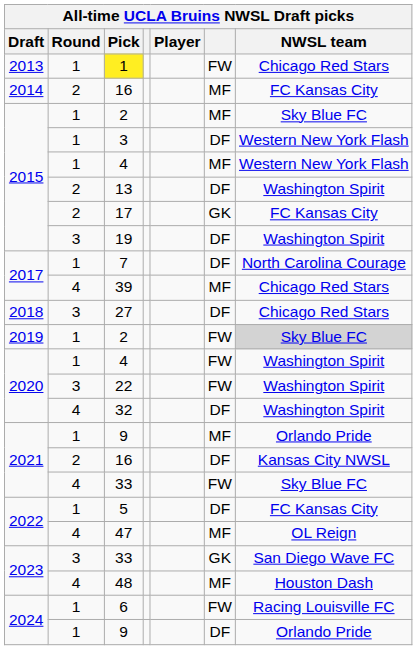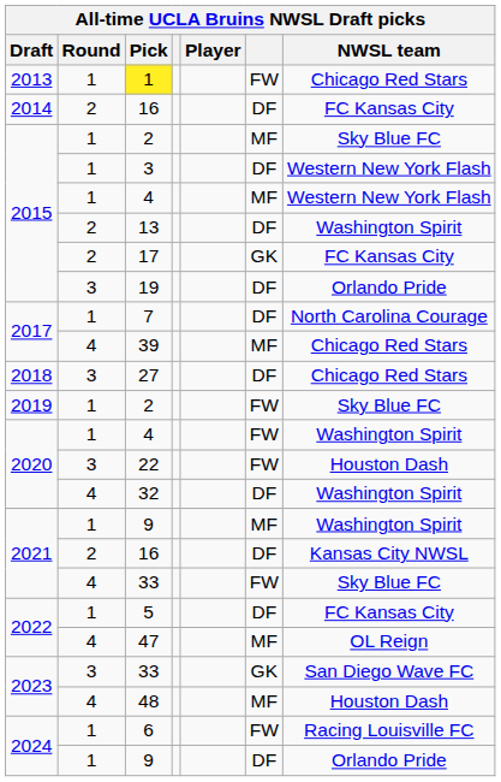 <table class="wikitable sortable" style="text-align: center;">
 <tr>
 <th colspan="7" style="background:#">All-time <a href='#'><span>UCLA Bruins</span></a> NWSL Draft picks</th>
 </tr>
 <tr>
 <th scope="col">Draft</th>
 <th scope="col">Round</th>
 <th scope="col">Pick</th>
 <th scope="col"></th>
 <th scope="col">Player</th>
 <th scope="col"></th>
 <th scope="col">NWSL team</th>
 </tr>
 <tr>
 <td><a href='#'>2013</a></td>
 <td>1</td>
 <td style="background-color:#FE2">1</td>
 <td></td>
 <td></td>
 <td>FW</td>
 <td><a href='#'>Chicago Red Stars</a></td>
 </tr>
 <tr>
 <td><a href='#'>2014</a></td>
 <td>2</td>
 <td>16</td>
 <td></td>
 <td></td>
-<td>MF</td>
+<td>DF</td>
 <td><a href='#'>FC Kansas City</a></td>
 </tr>
 <tr>
 <td rowspan="6"><a href='#'>2015</a></td>
 <td>1</td>
 <td>2</td>
 <td></td>
 <td></td>
 <td>MF</td>
 <td><a href='#'>Sky Blue FC</a></td>
 </tr>
 <tr>
 <td>1</td>
 <td>3</td>
 <td></td>
 <td></td>
 <td>DF</td>
 <td><a href='#'>Western New York Flash</a></td>
 </tr>
 <tr>
 <td>1</td>
 <td>4</td>
 <td></td>
 <td></td>
 <td>MF</td>
 <td><a href='#'>Western New York Flash</a></td>
 </tr>
 <tr>
 <td>2</td>
 <td>13</td>
 <td></td>
 <td></td>
 <td>DF</td>
 <td><a href='#'>Washington Spirit</a></td>
 </tr>
 <tr>
 <td>2</td>
 <td>17</td>
 <td></td>
 <td></td>
 <td>GK</td>
 <td><a href='#'>FC Kansas City</a></td>
 </tr>
 <tr>
 <td>3</td>
 <td>19</td>
 <td></td>
 <td></td>
 <td>DF</td>
-<td><a href='#'>Washington Spirit</a></td>
+<td><a href='#'>Orlando Pride</a></td>
 </tr>
 <tr>
 <td rowspan="2"><a href='#'>2017</a></td>
 <td>1</td>
 <td>7</td>
 <td></td>
 <td></td>
 <td>DF</td>
 <td><a href='#'>North Carolina Courage</a></td>
 </tr>
 <tr>
 <td>4</td>
 <td>39</td>
 <td></td>
 <td></td>
 <td>MF</td>
 <td><a href='#'>Chicago Red Stars</a></td>
 </tr>
 <tr>
 <td><a href='#'>2018</a></td>
 <td>3</td>
 <td>27</td>
 <td></td>
 <td></td>
 <td>DF</td>
 <td><a href='#'>Chicago Red Stars</a></td>
 </tr>
 <tr>
 <td><a href='#'>2019</a></td>
 <td>1</td>
 <td>2</td>
 <td></td>
 <td></td>
 <td>FW</td>
-<td style="background: lightgrey;"><a href='#'>Sky Blue FC</a></td>
+<td><a href='#'>Sky Blue FC</a></td>
 </tr>
 <tr>
 <td rowspan="3"><a href='#'>2020</a></td>
 <td>1</td>
 <td>4</td>
 <td></td>
 <td></td>
 <td>FW</td>
 <td><a href='#'>Washington Spirit</a></td>
 </tr>
 <tr>
 <td>3</td>
 <td>22</td>
 <td></td>
 <td></td>
 <td>FW</td>
-<td><a href='#'>Washington Spirit</a></td>
+<td><a href='#'>Houston Dash</a></td>
 </tr>
 <tr>
 <td>4</td>
 <td>32</td>
 <td></td>
 <td></td>
 <td>DF</td>
 <td><a href='#'>Washington Spirit</a></td>
 </tr>
 <tr>
 <td rowspan="3"><a href='#'>2021</a></td>
 <td>1</td>
 <td>9</td>
 <td></td>
 <td></td>
 <td>MF</td>
-<td><a href='#'>Orlando Pride</a></td>
+<td><a href='#'>Washington Spirit</a></td>
 </tr>
 <tr>
 <td>2</td>
 <td>16</td>
 <td></td>
 <td></td>
 <td>DF</td>
 <td><a href='#'>Kansas City NWSL</a></td>
 </tr>
 <tr>
 <td>4</td>
 <td>33</td>
 <td></td>
 <td></td>
 <td>FW</td>
 <td><a href='#'>Sky Blue FC</a></td>
 </tr>
 <tr>
 <td rowspan="2"><a href='#'>2022</a></td>
 <td>1</td>
 <td>5</td>
 <td></td>
 <td></td>
 <td>DF</td>
 <td><a href='#'>FC Kansas City</a></td>
 </tr>
 <tr>
 <td>4</td>
 <td>47</td>
 <td></td>
 <td></td>
 <td>MF</td>
 <td><a href='#'>OL Reign</a></td>
 </tr>
 <tr>
 <td rowspan="2"><a href='#'>2023</a></td>
 <td>3</td>
 <td>33</td>
 <td></td>
 <td></td>
 <td>GK</td>
 <td><a href='#'>San Diego Wave FC</a></td>
 </tr>
 <tr>
 <td>4</td>
 <td>48</td>
 <td></td>
 <td></td>
 <td>MF</td>
 <td><a href='#'>Houston Dash</a></td>
 </tr>
 <tr>
 <td rowspan="2"><a href='#'>2024</a></td>
 <td>1</td>
 <td>6</td>
 <td></td>
 <td></td>
 <td>FW</td>
 <td><a href='#'>Racing Louisville FC</a></td>
 </tr>
 <tr>
 <td>1</td>
 <td>9</td>
 <td></td>
 <td></td>
 <td>DF</td>
 <td><a href='#'>Orlando Pride</a></td>
 </tr>
 </table>
